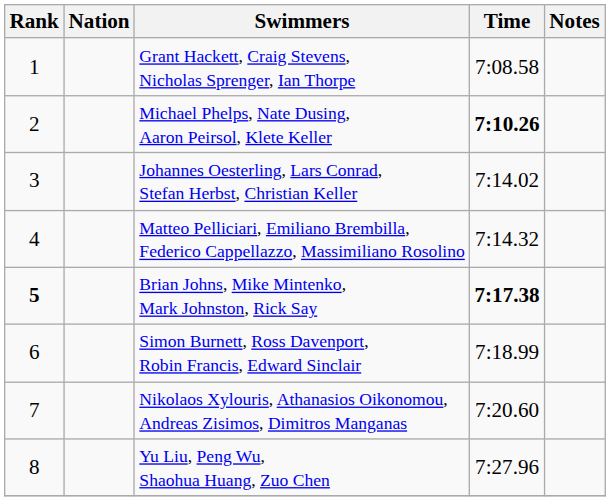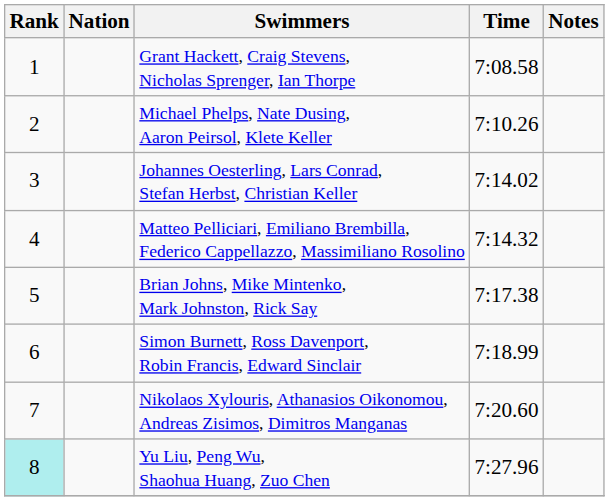 <table class="wikitable sortable" style="text-align:center">
 <tr>
 <th>Rank</th>
 <th>Nation</th>
 <th>Swimmers</th>
 <th>Time</th>
 <th>Notes</th>
 </tr>
 <tr>
 <td>1</td>
 <td align=left></td>
 <td align=left><small> <a href='#'>Grant Hackett</a>, <a href='#'>Craig Stevens</a>,<br> <a href='#'>Nicholas Sprenger</a>, <a href='#'>Ian Thorpe</a> </small></td>
 <td>7:08.58</td>
 <td></td>
 </tr>
 <tr>
 <td>2</td>
 <td align=left></td>
 <td align=left><small> <a href='#'>Michael Phelps</a>, <a href='#'>Nate Dusing</a>,<br> <a href='#'>Aaron Peirsol</a>, <a href='#'>Klete Keller</a> </small></td>
-<td><strong>7:10.26</strong></td>
+<td>7:10.26</td>
 <td></td>
 </tr>
 <tr>
 <td>3</td>
 <td align=left></td>
 <td align=left><small> <a href='#'>Johannes Oesterling</a>, <a href='#'>Lars Conrad</a>,<br> <a href='#'>Stefan Herbst</a>, <a href='#'>Christian Keller</a> </small></td>
 <td>7:14.02</td>
 <td></td>
 </tr>
 <tr>
 <td>4</td>
 <td align=left></td>
 <td align=left><small> <a href='#'>Matteo Pelliciari</a>, <a href='#'>Emiliano Brembilla</a>,<br> <a href='#'>Federico Cappellazzo</a>, <a href='#'>Massimiliano Rosolino</a> </small></td>
 <td>7:14.32</td>
 <td></td>
 </tr>
 <tr>
-<td><strong>5</strong></td>
+<td>5</td>
 <td align=left></td>
 <td align=left><small> <a href='#'>Brian Johns</a>, <a href='#'>Mike Mintenko</a>,<br> <a href='#'>Mark Johnston</a>, <a href='#'>Rick Say</a> </small></td>
-<td><strong>7:17.38</strong></td>
+<td>7:17.38</td>
 <td></td>
 </tr>
 <tr>
 <td>6</td>
 <td align=left></td>
 <td align=left><small> <a href='#'>Simon Burnett</a>, <a href='#'>Ross Davenport</a>,<br> <a href='#'>Robin Francis</a>, <a href='#'>Edward Sinclair</a> </small></td>
 <td>7:18.99</td>
 <td></td>
 </tr>
 <tr>
 <td>7</td>
 <td align=left></td>
 <td align=left><small> <a href='#'>Nikolaos Xylouris</a>, <a href='#'>Athanasios Oikonomou</a>,<br> <a href='#'>Andreas Zisimos</a>, <a href='#'>Dimitros Manganas</a> </small></td>
 <td>7:20.60</td>
 <td></td>
 </tr>
 <tr>
-<td>8</td>
+<td style="background: paleturquoise;">8</td>
 <td align=left></td>
 <td align=left><small> <a href='#'>Yu Liu</a>, <a href='#'>Peng Wu</a>,<br> <a href='#'>Shaohua Huang</a>, <a href='#'>Zuo Chen</a> </small></td>
 <td>7:27.96</td>
 <td></td>
 </tr>
 <tr>
 </tr>
 </table>
